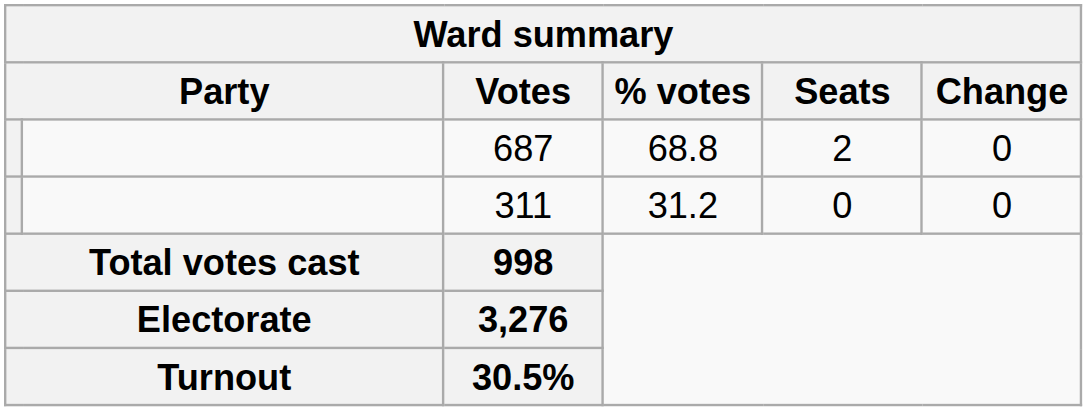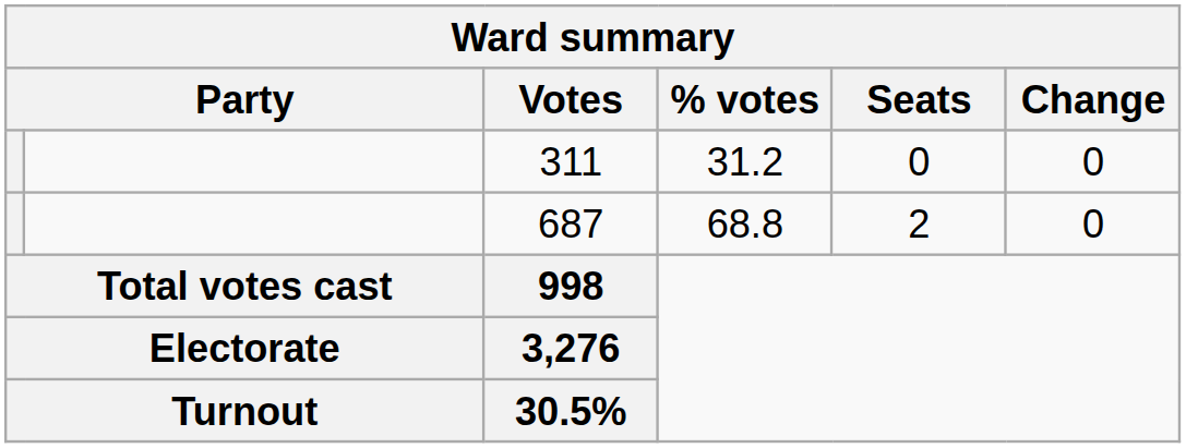 <table class="wikitable" style="font-size: 95%;">
 <tr>
 <th colspan="6">Ward summary</th>
 </tr>
 <tr>
 <th colspan="2">Party</th>
 <th style="width: 60px">Votes</th>
 <th style="width: 60px">% votes</th>
 <th style="width: 60px">Seats</th>
 <th style="width: 60px">Change</th>
 </tr>
 <tr>
 <th style="background-color: "></th>
 <td style="width: 170px"><a href='#'></a></td>
-<td align="center">687</td>
-<td align="center">68.8</td>
-<td align="center">2</td>
+<td align="center">311</td>
+<td align="center">31.2</td>
+<td align="center">0</td>
 <td align="center">0</td>
 </tr>
 <tr>
 <th style="background-color: "></th>
 <td style="width: 170px"><a href='#'></a></td>
-<td align="center">311</td>
-<td align="center">31.2</td>
-<td align="center">0</td>
+<td align="center">687</td>
+<td align="center">68.8</td>
+<td align="center">2</td>
 <td align="center">0</td>
 </tr>
 <tr style="background-color:#E9E9E9">
 <th colspan="2">Total votes cast</th>
 <th style="width: 60px">998</th>
 </tr>
 <tr style="background-color:#E9E9E9">
 <th colspan="2">Electorate</th>
 <th style="width: 60px">3,276</th>
 </tr>
 <tr style="background-color:#E9E9E9">
 <th colspan="2">Turnout</th>
 <th style="width: 60px">30.5%</th>
 </tr>
 </table>
